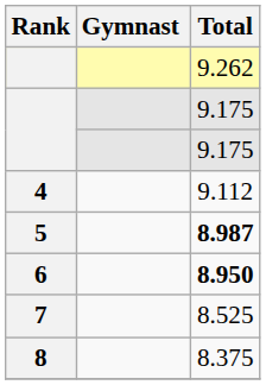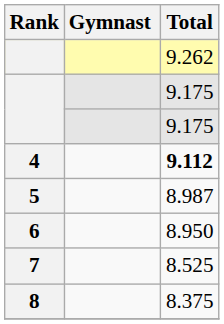 <table class="wikitable sortable" style="text-align:center; font-size:95%">
 <tr>
 <th scope=col>Rank</th>
 <th scope=col>Gymnast </th>
 <th scope=col>Total</th>
 </tr>
 <tr bgcolor=fffcaf>
 <th scope=row style="text-align:center"></th>
 <td align=left> </td>
 <td>9.262</td>
 </tr>
 <tr bgcolor=e5e5e5>
 <th scope=row style="text-align:center" rowspan=2></th>
 <td align=left> </td>
 <td>9.175</td>
 </tr>
 <tr bgcolor=e5e5e5>
 <td align=left> </td>
 <td>9.175</td>
 </tr>
 <tr>
 <th scope=row style="text-align:center">4</th>
 <td align=left> </td>
-<td>9.112</td>
+<td><strong>9.112</strong></td>
 </tr>
 <tr>
 <th scope=row style="text-align:center">5</th>
 <td align=left> </td>
-<td><strong>8.987</strong></td>
+<td>8.987</td>
 </tr>
 <tr>
 <th scope=row style="text-align:center">6</th>
 <td align=left> </td>
-<td><strong>8.950</strong></td>
+<td>8.950</td>
 </tr>
 <tr>
 <th scope=row style="text-align:center">7</th>
 <td align=left> </td>
 <td>8.525</td>
 </tr>
 <tr>
 <th scope=row style="text-align:center">8</th>
 <td align=left> </td>
 <td>8.375</td>
 </tr>
 <tr>
 </tr>
 </table>
